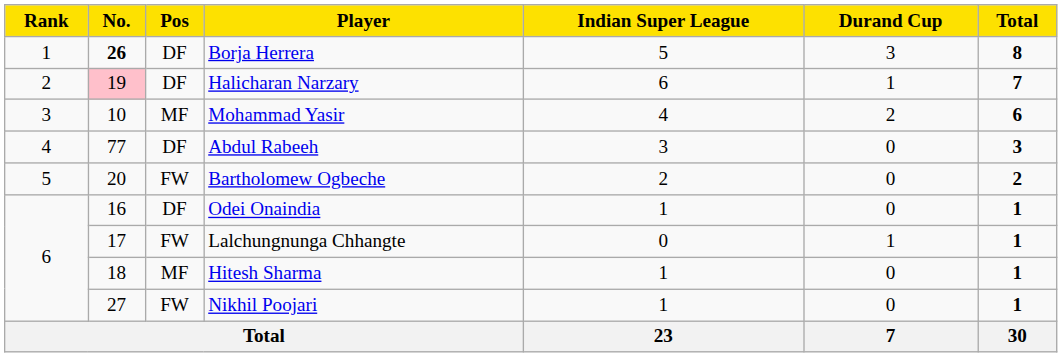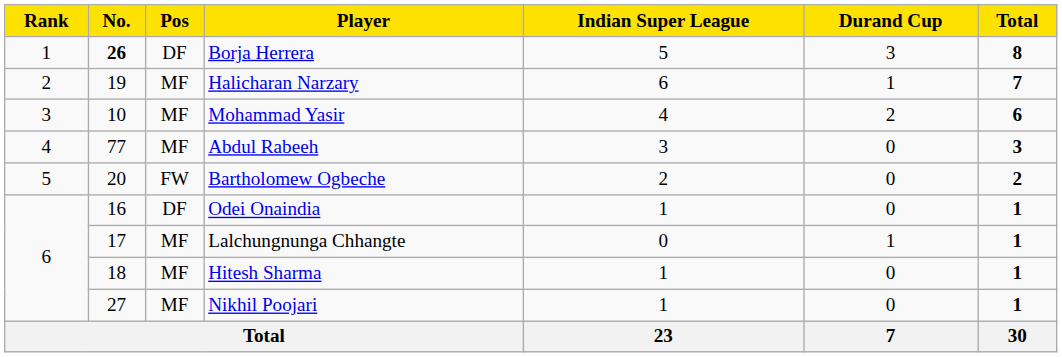 <table class="wikitable" style="text-align: center; font-size:90%; width:50%;">
 <tr>
 <th style="background:#FDE100; color:#000000;">Rank</th>
 <th style="background:#FDE100; color:#000000;">No.</th>
 <th style="background:#FDE100; color:#000000;">Pos</th>
 <th style="background:#FDE100; color:#000000;">Player</th>
 <th style="background:#FDE100; color:#000000;">Indian Super League</th>
 <th style="background:#FDE100; color:#000000;">Durand Cup</th>
 <th style="background:#FDE100; color:#000000;">Total</th>
 </tr>
 <tr>
 <td>1</td>
 <td><strong>26</strong></td>
 <td>DF</td>
 <td align=left> <a href='#'>Borja Herrera</a></td>
 <td>5</td>
 <td>3</td>
 <td><strong>8</strong></td>
 </tr>
 <tr>
 <td>2</td>
-<td style="background: pink;">19</td>
-<td>DF</td>
+<td>19</td>
+<td>MF</td>
 <td align=left> <a href='#'>Halicharan Narzary</a></td>
 <td>6</td>
 <td>1</td>
 <td><strong>7</strong></td>
 </tr>
 <tr>
 <td>3</td>
 <td>10</td>
 <td>MF</td>
 <td align=left> <a href='#'>Mohammad Yasir</a></td>
 <td>4</td>
 <td>2</td>
 <td><strong>6</strong></td>
 </tr>
 <tr>
 <td>4</td>
 <td>77</td>
-<td>DF</td>
+<td>MF</td>
 <td align=left> <a href='#'>Abdul Rabeeh</a></td>
 <td>3</td>
 <td>0</td>
 <td><strong>3</strong></td>
 </tr>
 <tr>
 <td>5</td>
 <td>20</td>
 <td>FW</td>
 <td align=left> <a href='#'>Bartholomew Ogbeche</a></td>
 <td>2</td>
 <td>0</td>
 <td><strong>2</strong></td>
 </tr>
 <tr>
 <td rowspan="4">6</td>
 <td>16</td>
 <td>DF</td>
 <td align=left> <a href='#'>Odei Onaindia</a></td>
 <td>1</td>
 <td>0</td>
 <td><strong>1</strong></td>
 </tr>
 <tr>
 <td>17</td>
-<td>FW</td>
+<td>MF</td>
 <td align=left> Lalchungnunga Chhangte</td>
 <td>0</td>
 <td>1</td>
 <td><strong>1</strong></td>
 </tr>
 <tr>
 <td>18</td>
 <td>MF</td>
 <td align=left> <a href='#'>Hitesh Sharma</a></td>
 <td>1</td>
 <td>0</td>
 <td><strong>1</strong></td>
 </tr>
 <tr>
 <td>27</td>
-<td>FW</td>
+<td>MF</td>
 <td align=left> <a href='#'>Nikhil Poojari</a></td>
 <td>1</td>
 <td>0</td>
 <td><strong>1</strong></td>
 </tr>
 <tr>
 <th colspan="4"><strong>Total</strong></th>
 <th><strong>23</strong></th>
 <th><strong>7</strong></th>
 <th><strong>30</strong></th>
 </tr>
 </table>
